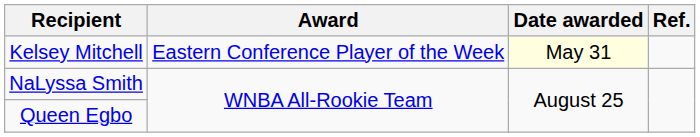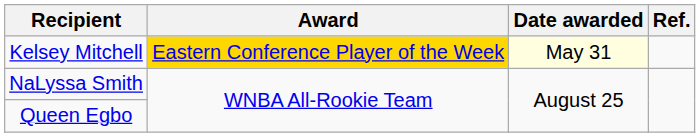 <table class="wikitable sortable sortable" style="text-align: center">
 <tr>
 <th>Recipient</th>
 <th>Award</th>
 <th>Date awarded</th>
 <th>Ref.</th>
 </tr>
 <tr>
 <td><a href='#'>Kelsey Mitchell</a></td>
-<td><a href='#'>Eastern Conference Player of the Week</a></td>
+<td style="background: gold;"><a href='#'>Eastern Conference Player of the Week</a></td>
 <td style="background: lightyellow;">May 31</td>
 <td></td>
 </tr>
 <tr>
 <td><a href='#'>NaLyssa Smith</a></td>
 <td rowspan=2><a href='#'>WNBA All-Rookie Team</a></td>
 <td rowspan=2>August 25</td>
 <td rowspan=2></td>
 </tr>
 <tr>
 <td><a href='#'>Queen Egbo</a></td>
 </tr>
 </table>
